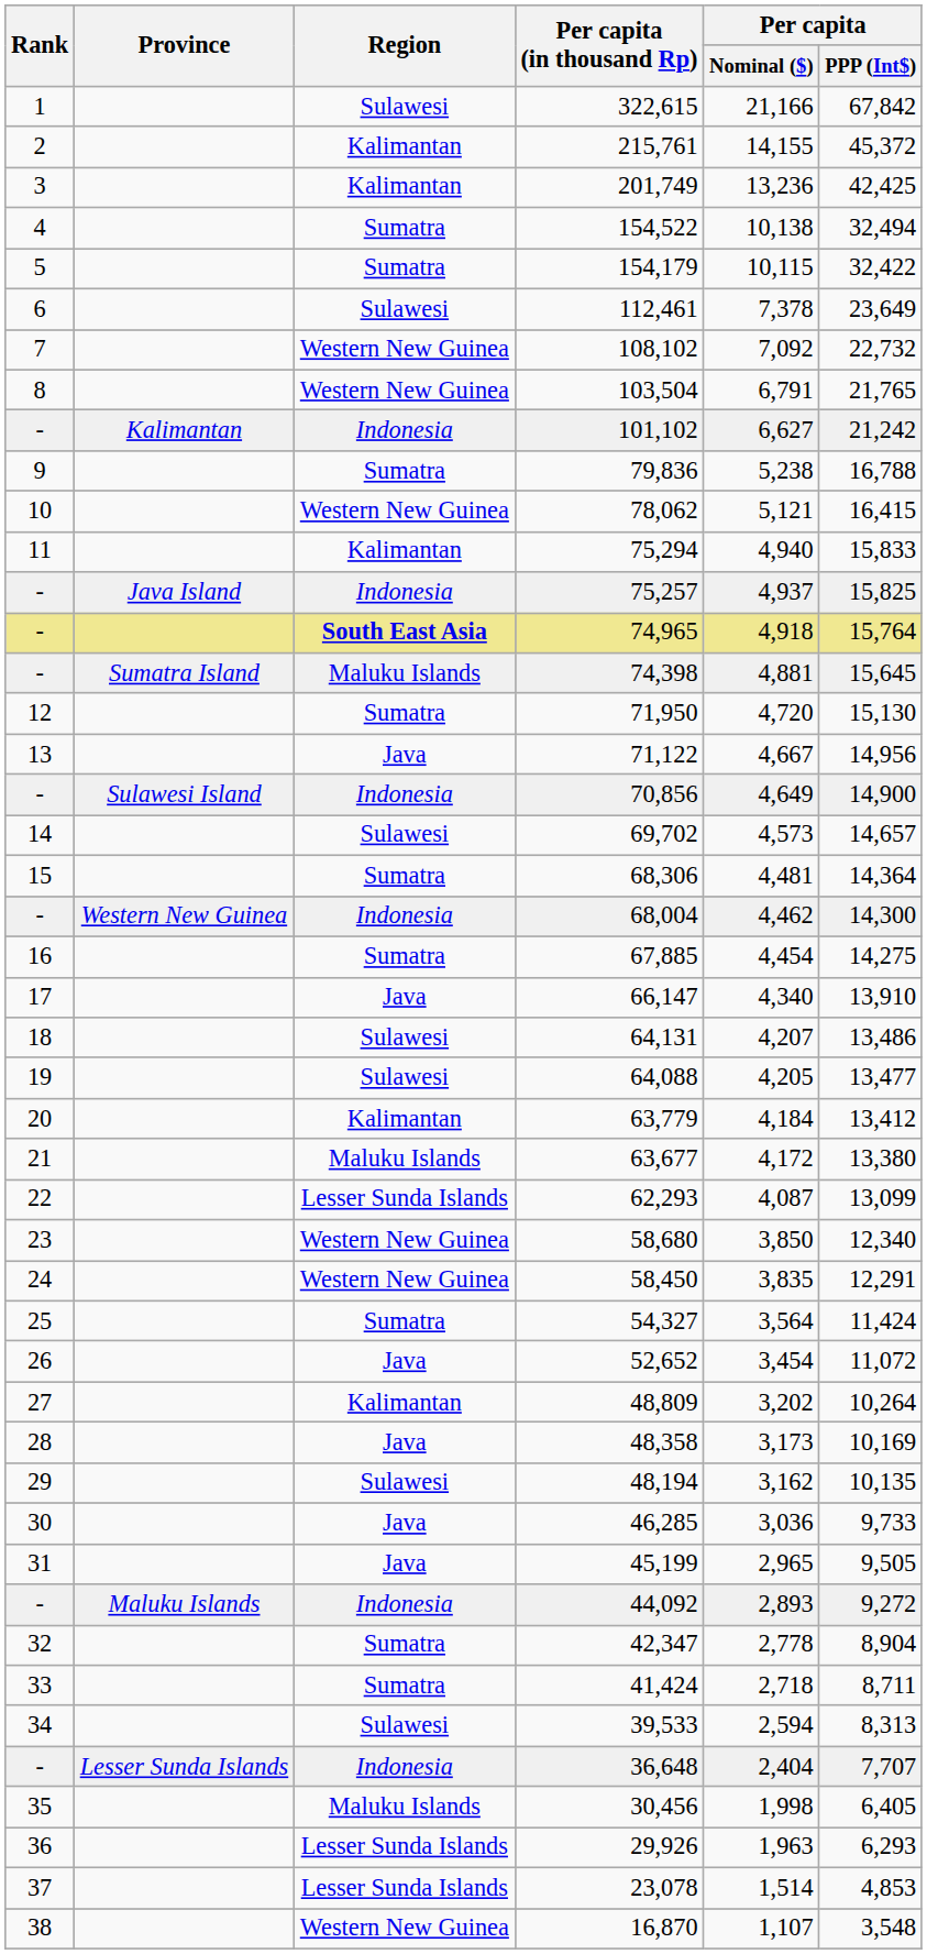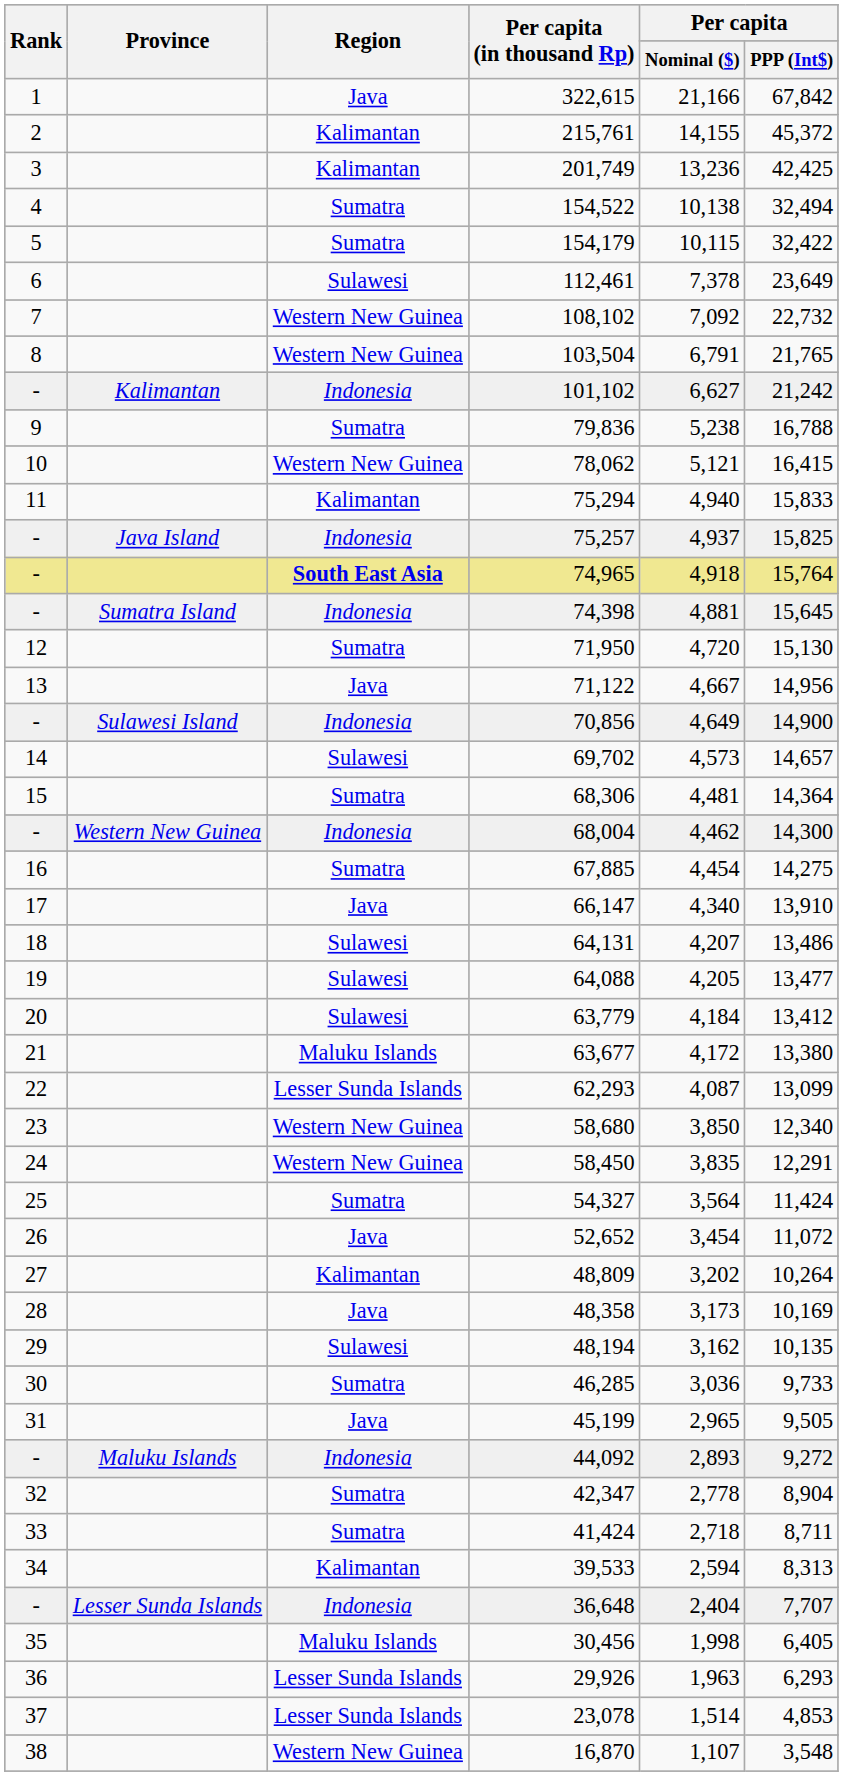 <table class="wikitable sortable sticky-header-multi sort-under" style="text-align:center; font-size:85%;">
 <tr>
 <th rowspan="2">Rank</th>
 <th rowspan="2">Province</th>
 <th rowspan="2">Region</th>
 <th rowspan="2">Per capita<br>(in thousand <a href='#'>Rp</a>)</th>
 <th colspan="2">Per capita</th>
 </tr>
 <tr>
 <th scope="col"><small>Nominal (<a href='#'>$</a>)</small></th>
 <th scope="col"><small>PPP (<a href='#'>Int$</a>)</small></th>
 </tr>
 <tr>
 <td align=center>1</td>
 <td></td>
-<td><a href='#'>Sulawesi</a></td>
+<td><a href='#'>Java</a></td>
 <td align=right>322,615</td>
 <td align=right>21,166</td>
 <td align=right>67,842</td>
 </tr>
 <tr>
 <td align=center>2</td>
 <td></td>
 <td><a href='#'>Kalimantan</a></td>
 <td align=right>215,761</td>
 <td align=right>14,155</td>
 <td align=right>45,372</td>
 </tr>
 <tr>
 <td align=center>3</td>
 <td></td>
 <td><a href='#'>Kalimantan</a></td>
 <td align=right>201,749</td>
 <td align=right>13,236</td>
 <td align=right>42,425</td>
 </tr>
 <tr>
 <td align=center>4</td>
 <td></td>
 <td><a href='#'>Sumatra</a></td>
 <td align=right>154,522</td>
 <td align=right>10,138</td>
 <td align=right>32,494</td>
 </tr>
 <tr>
 <td align=center>5</td>
 <td></td>
 <td><a href='#'>Sumatra</a></td>
 <td align=right>154,179</td>
 <td align=right>10,115</td>
 <td align=right>32,422</td>
 </tr>
 <tr>
 <td align=center>6</td>
 <td></td>
 <td><a href='#'>Sulawesi</a></td>
 <td align=right>112,461</td>
 <td align=right>7,378</td>
 <td align=right>23,649</td>
 </tr>
 <tr>
 <td align=center>7</td>
 <td></td>
 <td><a href='#'>Western New Guinea</a></td>
 <td align=right>108,102</td>
 <td align=right>7,092</td>
 <td align=right>22,732</td>
 </tr>
 <tr>
 <td align=center>8</td>
 <td></td>
 <td><a href='#'>Western New Guinea</a></td>
 <td align=right>103,504</td>
 <td align=right>6,791</td>
 <td align=right>21,765</td>
 </tr>
 <tr style="background-color:#f0f0f0">
 <td align=center>-</td>
 <td><em><a href='#'>Kalimantan</a></em></td>
 <td><em><a href='#'>Indonesia</a></em></td>
 <td align=right>101,102</td>
 <td align=right>6,627</td>
 <td align=right>21,242</td>
 </tr>
 <tr>
 <td align=center>9</td>
 <td></td>
 <td><a href='#'>Sumatra</a></td>
 <td align=right>79,836</td>
 <td align=right>5,238</td>
 <td align=right>16,788</td>
 </tr>
 <tr>
 <td align=center>10</td>
 <td></td>
 <td><a href='#'>Western New Guinea</a></td>
 <td align=right>78,062</td>
 <td align=right>5,121</td>
 <td align=right>16,415</td>
 </tr>
 <tr>
 <td align=center>11</td>
 <td></td>
 <td><a href='#'>Kalimantan</a></td>
 <td align=right>75,294</td>
 <td align=right>4,940</td>
 <td align=right>15,833</td>
 </tr>
 <tr style="background-color:#f0f0f0">
 <td align=center>-</td>
 <td><em><a href='#'>Java Island</a></em></td>
 <td><em><a href='#'>Indonesia</a></em></td>
 <td align=right>75,257</td>
 <td align=right>4,937</td>
 <td align=right>15,825</td>
 </tr>
 <tr style="background:#F0E891">
 <td align=center>-</td>
 <td><strong></strong></td>
 <td><strong><a href='#'>South East Asia</a></strong></td>
 <td align=right>74,965</td>
 <td align=right>4,918</td>
 <td align=right>15,764</td>
 </tr>
 <tr style="background-color:#f0f0f0">
 <td align=center>-</td>
 <td><em><a href='#'>Sumatra Island</a></em></td>
-<td><a href='#'>Maluku Islands</a></td>
+<td><em><a href='#'>Indonesia</a></em></td>
 <td align=right>74,398</td>
 <td align=right>4,881</td>
 <td align=right>15,645</td>
 </tr>
 <tr>
 <td align=center>12</td>
 <td></td>
 <td><a href='#'>Sumatra</a></td>
 <td align=right>71,950</td>
 <td align=right>4,720</td>
 <td align=right>15,130</td>
 </tr>
 <tr>
 <td align=center>13</td>
 <td></td>
 <td><a href='#'>Java</a></td>
 <td align=right>71,122</td>
 <td align=right>4,667</td>
 <td align=right>14,956</td>
 </tr>
 <tr style="background-color:#f0f0f0">
 <td align=center>-</td>
 <td><em><a href='#'>Sulawesi Island</a></em></td>
 <td><em><a href='#'>Indonesia</a></em></td>
 <td align=right>70,856</td>
 <td align=right>4,649</td>
 <td align=right>14,900</td>
 </tr>
 <tr>
 <td align=center>14</td>
 <td></td>
 <td><a href='#'>Sulawesi</a></td>
 <td align=right>69,702</td>
 <td align=right>4,573</td>
 <td align=right>14,657</td>
 </tr>
 <tr>
 <td align=center>15</td>
 <td></td>
 <td><a href='#'>Sumatra</a></td>
 <td align=right>68,306</td>
 <td align=right>4,481</td>
 <td align=right>14,364</td>
 </tr>
 <tr style="background-color:#f0f0f0">
 <td align=center>-</td>
 <td><em><a href='#'>Western New Guinea</a></em></td>
 <td><em><a href='#'>Indonesia</a></em></td>
 <td align=right>68,004</td>
 <td align=right>4,462</td>
 <td align=right>14,300</td>
 </tr>
 <tr>
 <td align=center>16</td>
 <td></td>
 <td><a href='#'>Sumatra</a></td>
 <td align=right>67,885</td>
 <td align=right>4,454</td>
 <td align=right>14,275</td>
 </tr>
 <tr>
 <td align=center>17</td>
 <td></td>
 <td><a href='#'>Java</a></td>
 <td align=right>66,147</td>
 <td align=right>4,340</td>
 <td align=right>13,910</td>
 </tr>
 <tr>
 <td align=center>18</td>
 <td></td>
 <td><a href='#'>Sulawesi</a></td>
 <td align=right>64,131</td>
 <td align=right>4,207</td>
 <td align=right>13,486</td>
 </tr>
 <tr>
 <td align=center>19</td>
 <td></td>
 <td><a href='#'>Sulawesi</a></td>
 <td align=right>64,088</td>
 <td align=right>4,205</td>
 <td align=right>13,477</td>
 </tr>
 <tr>
 <td align=center>20</td>
 <td></td>
-<td><a href='#'>Kalimantan</a></td>
+<td><a href='#'>Sulawesi</a></td>
 <td align=right>63,779</td>
 <td align=right>4,184</td>
 <td align=right>13,412</td>
 </tr>
 <tr>
 <td align=center>21</td>
 <td></td>
 <td><a href='#'>Maluku Islands</a></td>
 <td align=right>63,677</td>
 <td align=right>4,172</td>
 <td align=right>13,380</td>
 </tr>
 <tr>
 <td align=center>22</td>
 <td></td>
 <td><a href='#'>Lesser Sunda Islands</a></td>
 <td align=right>62,293</td>
 <td align=right>4,087</td>
 <td align=right>13,099</td>
 </tr>
 <tr>
 <td align=center>23</td>
 <td></td>
 <td><a href='#'>Western New Guinea</a></td>
 <td align=right>58,680</td>
 <td align=right>3,850</td>
 <td align=right>12,340</td>
 </tr>
 <tr>
 <td align=center>24</td>
 <td></td>
 <td><a href='#'>Western New Guinea</a></td>
 <td align=right>58,450</td>
 <td align=right>3,835</td>
 <td align=right>12,291</td>
 </tr>
 <tr>
 <td align=center>25</td>
 <td></td>
 <td><a href='#'>Sumatra</a></td>
 <td align=right>54,327</td>
 <td align=right>3,564</td>
 <td align=right>11,424</td>
 </tr>
 <tr>
 <td align=center>26</td>
 <td></td>
 <td><a href='#'>Java</a></td>
 <td align=right>52,652</td>
 <td align=right>3,454</td>
 <td align=right>11,072</td>
 </tr>
 <tr>
 <td align=center>27</td>
 <td></td>
 <td><a href='#'>Kalimantan</a></td>
 <td align=right>48,809</td>
 <td align=right>3,202</td>
 <td align=right>10,264</td>
 </tr>
 <tr>
 <td align=center>28</td>
 <td></td>
 <td><a href='#'>Java</a></td>
 <td align=right>48,358</td>
 <td align=right>3,173</td>
 <td align=right>10,169</td>
 </tr>
 <tr>
 <td align=center>29</td>
 <td></td>
 <td><a href='#'>Sulawesi</a></td>
 <td align=right>48,194</td>
 <td align=right>3,162</td>
 <td align=right>10,135</td>
 </tr>
 <tr>
 <td align=center>30</td>
 <td></td>
-<td><a href='#'>Java</a></td>
+<td><a href='#'>Sumatra</a></td>
 <td align=right>46,285</td>
 <td align=right>3,036</td>
 <td align=right>9,733</td>
 </tr>
 <tr>
 <td align=center>31</td>
 <td></td>
 <td><a href='#'>Java</a></td>
 <td align=right>45,199</td>
 <td align=right>2,965</td>
 <td align=right>9,505</td>
 </tr>
 <tr style="background-color:#f0f0f0">
 <td align=center>-</td>
 <td><em><a href='#'>Maluku Islands</a></em></td>
 <td><em><a href='#'>Indonesia</a></em></td>
 <td align=right>44,092</td>
 <td align=right>2,893</td>
 <td align=right>9,272</td>
 </tr>
 <tr>
 <td align=center>32</td>
 <td></td>
 <td><a href='#'>Sumatra</a></td>
 <td align=right>42,347</td>
 <td align=right>2,778</td>
 <td align=right>8,904</td>
 </tr>
 <tr>
 <td align=center>33</td>
 <td></td>
 <td><a href='#'>Sumatra</a></td>
 <td align=right>41,424</td>
 <td align=right>2,718</td>
 <td align=right>8,711</td>
 </tr>
 <tr>
 <td align=center>34</td>
 <td></td>
-<td><a href='#'>Sulawesi</a></td>
+<td><a href='#'>Kalimantan</a></td>
 <td align=right>39,533</td>
 <td align=right>2,594</td>
 <td align=right>8,313</td>
 </tr>
 <tr style="background-color:#f0f0f0">
 <td align=center>-</td>
 <td><em><a href='#'>Lesser Sunda Islands</a></em></td>
 <td><em><a href='#'>Indonesia</a></em></td>
 <td align=right>36,648</td>
 <td align=right>2,404</td>
 <td align=right>7,707</td>
 </tr>
 <tr>
 <td align=center>35</td>
 <td></td>
 <td><a href='#'>Maluku Islands</a></td>
 <td align=right>30,456</td>
 <td align=right>1,998</td>
 <td align=right>6,405</td>
 </tr>
 <tr>
 <td align=center>36</td>
 <td></td>
 <td><a href='#'>Lesser Sunda Islands</a></td>
 <td align=right>29,926</td>
 <td align=right>1,963</td>
 <td align=right>6,293</td>
 </tr>
 <tr>
 <td align=center>37</td>
 <td></td>
 <td><a href='#'>Lesser Sunda Islands</a></td>
 <td align=right>23,078</td>
 <td align=right>1,514</td>
 <td align=right>4,853</td>
 </tr>
 <tr>
 <td align=center>38</td>
 <td></td>
 <td><a href='#'>Western New Guinea</a></td>
 <td align=right>16,870</td>
 <td align=right>1,107</td>
 <td align=right>3,548</td>
 </tr>
 </table>
